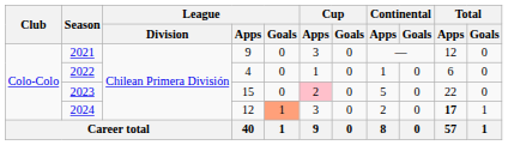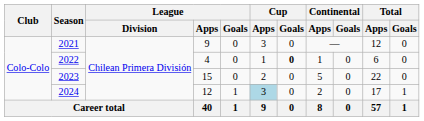 <table class="wikitable" style="text-align:center">
 <tr>
 <th rowspan="2">Club</th>
 <th rowspan="2">Season</th>
 <th colspan="3">League</th>
 <th colspan="2">Cup</th>
 <th colspan="2">Continental</th>
 <th colspan="2">Total</th>
 </tr>
 <tr>
 <th>Division</th>
 <th>Apps</th>
 <th>Goals</th>
 <th>Apps</th>
 <th>Goals</th>
 <th>Apps</th>
 <th>Goals</th>
 <th>Apps</th>
 <th>Goals</th>
 </tr>
 <tr>
 <td rowspan="4"><a href='#'>Colo-Colo</a></td>
 <td><a href='#'>2021</a></td>
 <td rowspan="4"><a href='#'>Chilean Primera División</a></td>
 <td>9</td>
 <td>0</td>
 <td>3</td>
 <td>0</td>
 <td colspan="2">—</td>
 <td>12</td>
 <td>0</td>
 </tr>
 <tr>
 <td><a href='#'>2022</a></td>
 <td>4</td>
 <td>0</td>
 <td>1</td>
-<td>0</td>
+<td><strong>0</strong></td>
 <td>1</td>
 <td>0</td>
 <td>6</td>
 <td>0</td>
 </tr>
 <tr>
 <td><a href='#'>2023</a></td>
 <td>15</td>
 <td>0</td>
-<td style="background: pink;">2</td>
+<td>2</td>
 <td>0</td>
 <td>5</td>
 <td>0</td>
 <td>22</td>
 <td>0</td>
 </tr>
 <tr>
 <td><a href='#'>2024</a></td>
 <td>12</td>
-<td style="background: lightsalmon;">1</td>
-<td>3</td>
+<td>1</td>
+<td style="background: lightblue;">3</td>
 <td>0</td>
 <td>2</td>
 <td>0</td>
-<td><strong>17</strong></td>
+<td>17</td>
 <td>1</td>
 </tr>
 <tr>
 <th colspan="3">Career total</th>
 <th>40</th>
 <th>1</th>
 <th>9</th>
 <th>0</th>
 <th>8</th>
 <th>0</th>
 <th>57</th>
 <th>1</th>
 </tr>
 </table>
